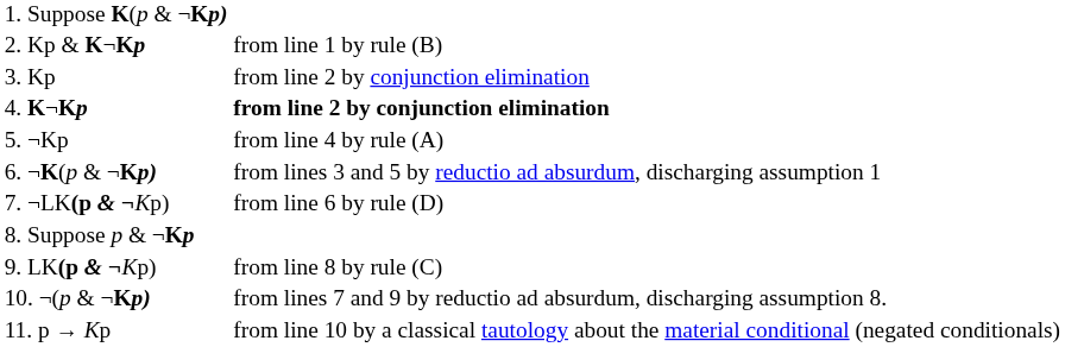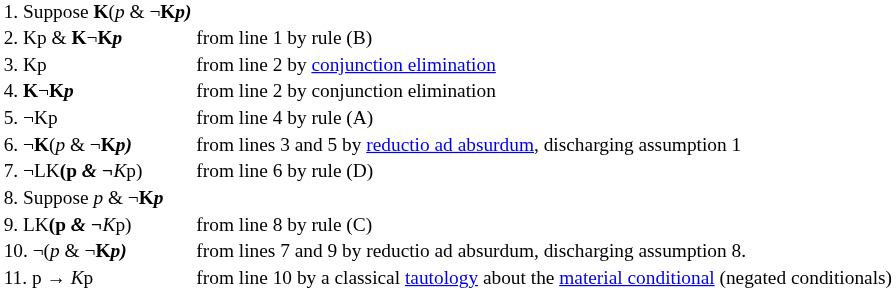 <table>
 <tr>
 <td>1. Suppose <strong>K</strong>(<em>p</em> & ¬<strong>K<strong><em>p<em>)</td>
 </tr>
 <tr>
 <td>2. </strong>K</em></strong>p</em> & <strong>K</strong>¬<strong>K<strong><em>p<em></td>
 <td>from line 1 by rule (B)</td>
 </tr>
 <tr>
 <td>3. </strong>K</em></strong>p</em></td>
 <td>from line 2 by <a href='#'>conjunction elimination</a></td>
 </tr>
 <tr>
 <td>4. <strong>K</strong>¬<strong>K<strong><em>p<em></td>
-<td><strong>from line 2 by conjunction elimination</strong></td>
+<td>from line 2 by conjunction elimination</td>
 </tr>
 <tr>
 <td>5. ¬</strong>K</em></strong>p</em></td>
 <td>from line 4 by rule (A)</td>
 </tr>
 <tr>
 <td>6. ¬<strong>K</strong>(<em>p</em> & ¬<strong>K<strong><em>p<em>)</td>
 <td>from lines 3 and 5 by <a href='#'>reductio ad absurdum</a>, discharging assumption 1</td>
 </tr>
 <tr>
 <td>7. ¬</strong>LK<strong>(</em>p<em> & ¬</strong>K</em></strong>p</em>)</td>
 <td>from line 6 by rule (D)</td>
 </tr>
 <tr>
 <td>8. Suppose <em>p</em> & ¬<strong>K<strong><em>p<em></td>
 </tr>
 <tr>
 <td>9. </strong>LK<strong>(</em>p<em> & ¬</strong>K</em></strong>p</em>)</td>
 <td>from line 8 by rule (C)</td>
 </tr>
 <tr>
 <td>10. ¬(<em>p</em> & ¬<strong>K<strong><em>p<em>)</td>
 <td>from lines 7 and 9 by reductio ad absurdum, discharging assumption 8.</td>
 </tr>
 <tr>
 <td>11. </em>p<em> → </strong>K</em></strong>p</em></td>
 <td>from line 10 by a classical <a href='#'>tautology</a> about the <a href='#'>material conditional</a> (negated conditionals)</td>
 </tr>
 </table>
